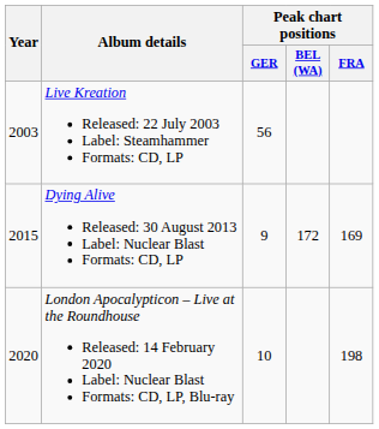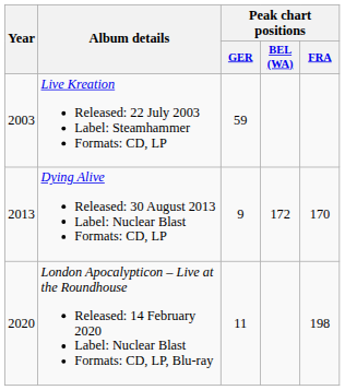 <table class="wikitable" border="1">
 <tr>
 <th rowspan="2" width="10">Year</th>
 <th rowspan="2" width="210">Album details</th>
 <th colspan="3">Peak chart positions</th>
 </tr>
 <tr>
 <th style="width:3em;font-size:85%;"><a href='#'>GER</a><br></th>
 <th style="width:3em;font-size:85%;"><a href='#'>BEL (WA)</a><br></th>
 <th style="width:3em;font-size:85%;"><a href='#'>FRA</a><br></th>
 </tr>
 <tr>
 <td align="center">2003</td>
 <td><em><a href='#'>Live Kreation</a></em><br><ul><li>Released: 22 July 2003</li><li>Label: Steamhammer</li><li>Formats: CD, LP</li></ul></td>
-<td align="center">56</td>
+<td align="center">59</td>
 <td align="center"></td>
 <td align="center"></td>
 </tr>
 <tr>
-<td align="center">2015</td>
+<td align="center">2013</td>
 <td><em><a href='#'>Dying Alive</a></em><br><ul><li>Released: 30 August 2013</li><li>Label: Nuclear Blast</li><li>Formats: CD, LP</li></ul></td>
 <td align="center">9</td>
 <td align="center">172</td>
-<td align="center">169</td>
+<td align="center">170</td>
 </tr>
 <tr>
 <td align="center">2020</td>
 <td><em>London Apocalypticon – Live at the Roundhouse</em><br><ul><li>Released: 14 February 2020</li><li>Label: Nuclear Blast</li><li>Formats: CD, LP, Blu-ray</li></ul></td>
-<td align="center">10</td>
+<td align="center">11</td>
 <td align="center"></td>
 <td align="center">198<br></td>
 </tr>
 </table>
